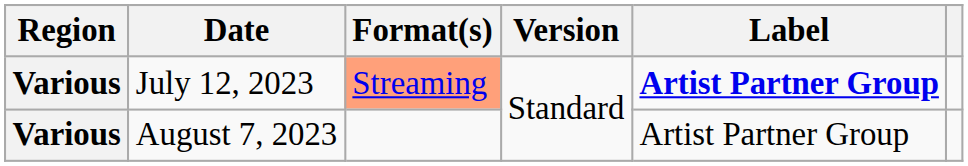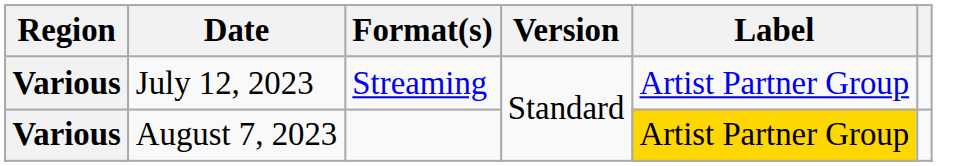 <table class="wikitable plainrowheaders">
 <tr>
 <th scope="col">Region</th>
 <th scope="col">Date</th>
 <th scope="col">Format(s)</th>
 <th scope="col">Version</th>
 <th scope="col">Label</th>
 <th scope="col"></th>
 </tr>
 <tr>
 <th scope="row">Various</th>
 <td>July 12, 2023</td>
-<td style="background: lightsalmon;"><a href='#'>Streaming</a></td>
+<td><a href='#'>Streaming</a></td>
 <td rowspan="2">Standard</td>
-<td><strong><a href='#'>Artist Partner Group</a></strong></td>
+<td><a href='#'>Artist Partner Group</a></td>
 <td style="text-align:center;"></td>
 </tr>
 <tr>
 <th scope="row">Various</th>
 <td>August 7, 2023</td>
 <td></td>
-<td>Artist Partner Group</td>
+<td style="background: gold;">Artist Partner Group</td>
 <td style="text-align:center;"><br></td>
 </tr>
 </table>
